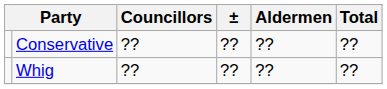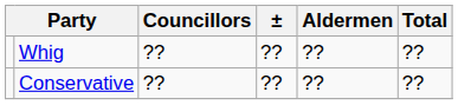 <table class="wikitable">
 <tr>
 <th colspan="2">Party</th>
 <th>Councillors</th>
 <th>  ±  </th>
 <th>Aldermen</th>
 <th>Total</th>
 </tr>
 <tr>
 <td style="background-color: "></td>
-<td><a href='#'>Conservative</a></td>
+<td><a href='#'>Whig</a></td>
 <td>??</td>
 <td>??</td>
 <td>??</td>
 <td>??</td>
 </tr>
 <tr>
 <td style="background-color: "></td>
-<td><a href='#'>Whig</a></td>
+<td><a href='#'>Conservative</a></td>
 <td>??</td>
 <td>??</td>
 <td>??</td>
 <td>??</td>
 </tr>
 <tr>
 </tr>
 </table>
